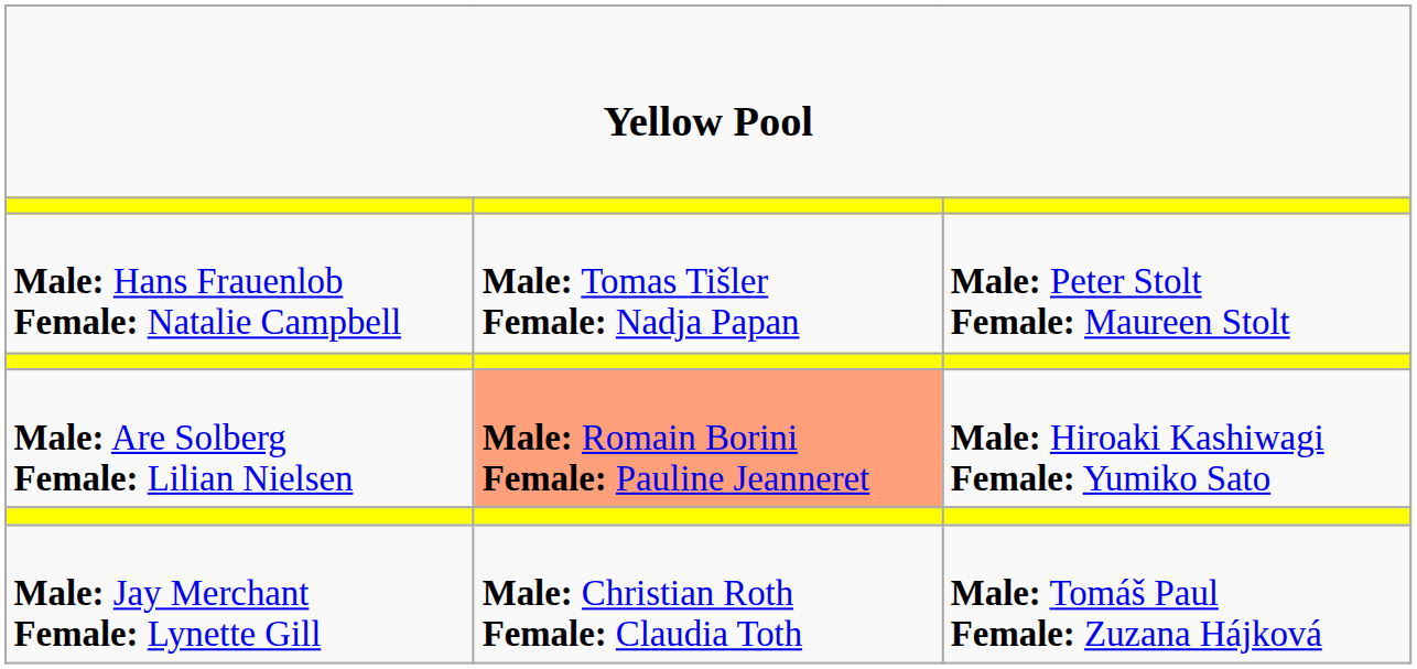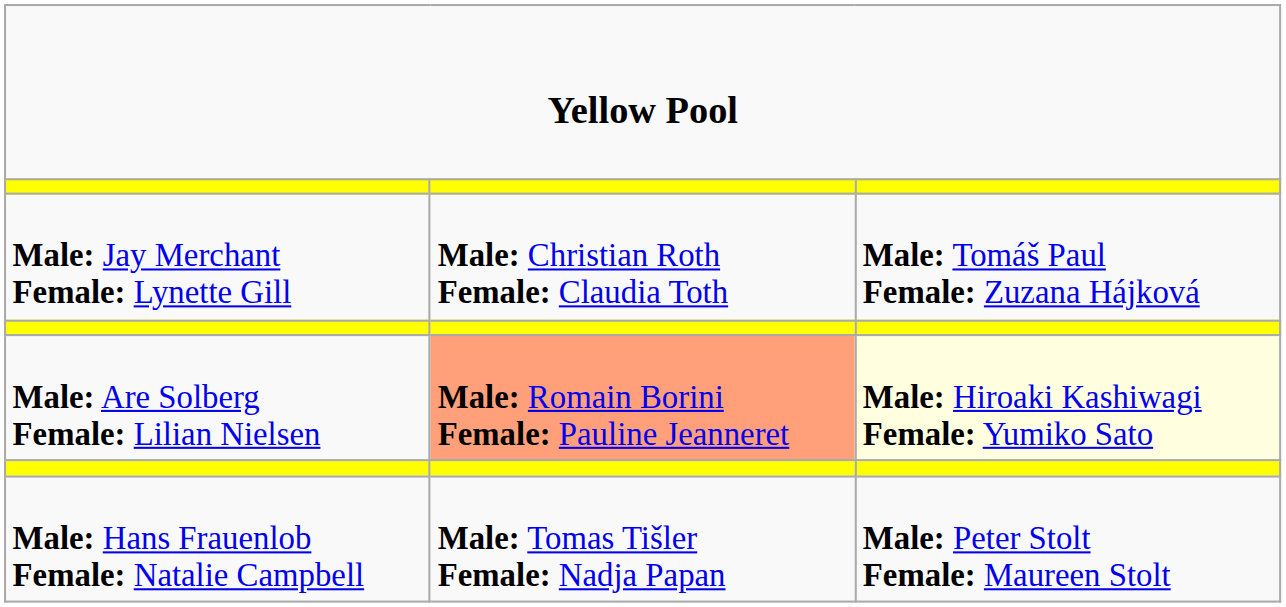 <table class="wikitable">
 <tr>
 <td align=center colspan="3"><br><h3>Yellow Pool</h3></td>
+</tr>
+<tr>
+<th style="background: yellow;" width="200"></th>
+<th style="background: yellow;" width="200"></th>
+<th style="background: yellow;" width="200"></th>
+</tr>
+<tr>
+<td><br><strong>Male:</strong> <a href='#'>Jay Merchant</a><br> <strong>Female:</strong> <a href='#'>Lynette Gill</a></td>
+<td><br><strong>Male:</strong> <a href='#'>Christian Roth</a><br> <strong>Female:</strong> <a href='#'>Claudia Toth</a></td>
+<td><br><strong>Male:</strong> <a href='#'>Tomáš Paul</a><br> <strong>Female:</strong> <a href='#'>Zuzana Hájková</a></td>
+</tr>
+<tr>
+<th style="background: yellow;" width="200"></th>
+<th style="background: yellow;" width="200"></th>
+<th style="background: yellow;" width="200"></th>
+</tr>
+<tr>
+<td><br><strong>Male:</strong> <a href='#'>Are Solberg</a><br> <strong>Female:</strong> <a href='#'>Lilian Nielsen</a></td>
+<td style="background: lightsalmon;"><br><strong>Male:</strong> <a href='#'>Romain Borini</a><br> <strong>Female:</strong> <a href='#'>Pauline Jeanneret</a></td>
+<td style="background: lightyellow;"><br><strong>Male:</strong> <a href='#'>Hiroaki Kashiwagi</a><br> <strong>Female:</strong> <a href='#'>Yumiko Sato</a></td>
 </tr>
 <tr>
 <th style="background: yellow;" width="200"></th>
 <th style="background: yellow;" width="200"></th>
 <th style="background: yellow;" width="200"></th>
 </tr>
 <tr>
 <td><br><strong>Male:</strong> <a href='#'>Hans Frauenlob</a><br> <strong>Female:</strong> <a href='#'>Natalie Campbell</a></td>
 <td><br><strong>Male:</strong> <a href='#'>Tomas Tišler</a><br> <strong>Female:</strong> <a href='#'>Nadja Papan</a></td>
 <td><br><strong>Male:</strong> <a href='#'>Peter Stolt</a><br> <strong>Female:</strong> <a href='#'>Maureen Stolt</a></td>
 </tr>
-<tr>
-<th style="background: yellow;" width="200"></th>
-<th style="background: yellow;" width="200"></th>
-<th style="background: yellow;" width="200"></th>
-</tr>
-<tr>
-<td><br><strong>Male:</strong> <a href='#'>Are Solberg</a><br> <strong>Female:</strong> <a href='#'>Lilian Nielsen</a></td>
-<td style="background: lightsalmon;"><br><strong>Male:</strong> <a href='#'>Romain Borini</a><br> <strong>Female:</strong> <a href='#'>Pauline Jeanneret</a></td>
-<td><br><strong>Male:</strong> <a href='#'>Hiroaki Kashiwagi</a><br> <strong>Female:</strong> <a href='#'>Yumiko Sato</a></td>
-</tr>
-<tr>
-<th style="background: yellow;" width="200"></th>
-<th style="background: yellow;" width="200"></th>
-<th style="background: yellow;" width="200"></th>
-</tr>
-<tr>
-<td><br><strong>Male:</strong> <a href='#'>Jay Merchant</a><br> <strong>Female:</strong> <a href='#'>Lynette Gill</a></td>
-<td><br><strong>Male:</strong> <a href='#'>Christian Roth</a><br> <strong>Female:</strong> <a href='#'>Claudia Toth</a></td>
-<td><br><strong>Male:</strong> <a href='#'>Tomáš Paul</a><br> <strong>Female:</strong> <a href='#'>Zuzana Hájková</a></td>
-</tr>
 </table>
